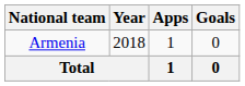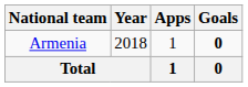 <table class="wikitable" style="text-align:center">
 <tr>
 <th>National team</th>
 <th>Year</th>
 <th>Apps</th>
 <th>Goals</th>
 </tr>
 <tr>
 <td rowspan="1"><a href='#'>Armenia</a></td>
 <td>2018</td>
 <td>1</td>
-<td>0</td>
+<td><strong>0</strong></td>
 </tr>
 <tr>
 <th colspan=2>Total</th>
 <th>1</th>
 <th>0</th>
 </tr>
 </table>
